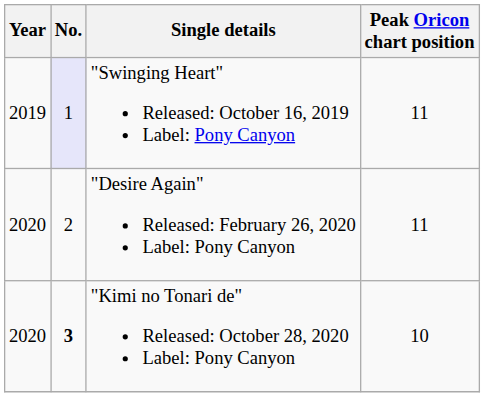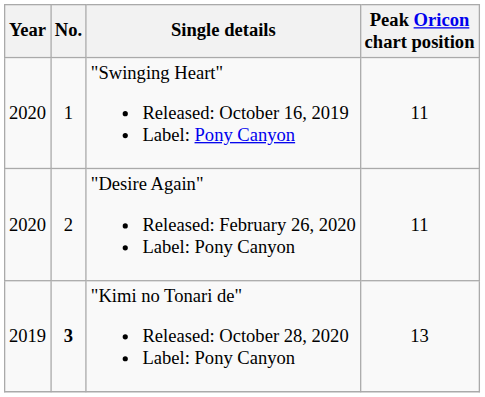 <table class="wikitable" style="font-size: 90%;">
 <tr>
 <th>Year</th>
 <th>No.</th>
 <th>Single details</th>
 <th>Peak <a href='#'>Oricon</a><br>chart position<br></th>
 </tr>
 <tr>
-<td>2019</td>
-<td align=center style="background: lavender;">1</td>
+<td>2020</td>
+<td align=center>1</td>
 <td>"Swinging Heart"<br><ul><li>Released: October 16, 2019</li><li>Label: <a href='#'>Pony Canyon</a></li></ul></td>
 <td align=center>11</td>
 </tr>
 <tr>
 <td>2020</td>
 <td align=center>2</td>
 <td>"Desire Again"<br><ul><li>Released: February 26, 2020</li><li>Label: Pony Canyon</li></ul></td>
 <td align=center>11</td>
 </tr>
 <tr>
-<td>2020</td>
+<td>2019</td>
 <td align=center><strong>3</strong></td>
 <td>"Kimi no Tonari de"<br><ul><li>Released: October 28, 2020</li><li>Label: Pony Canyon</li></ul></td>
-<td align=center>10</td>
+<td align=center>13</td>
 </tr>
 <tr>
 </tr>
 </table>
